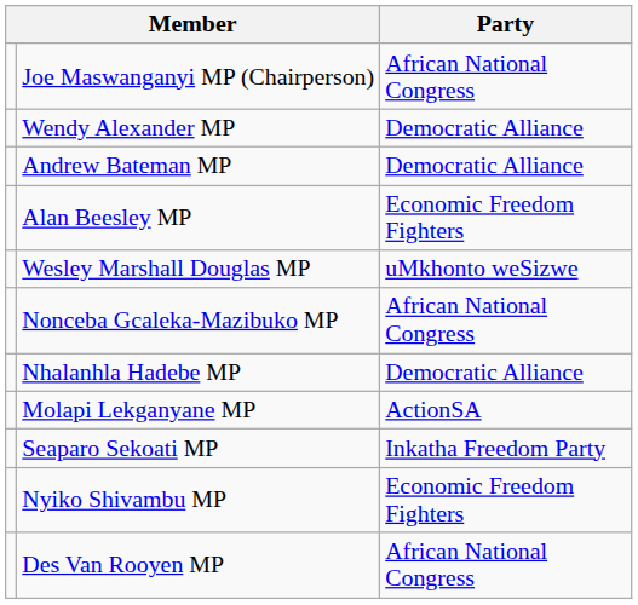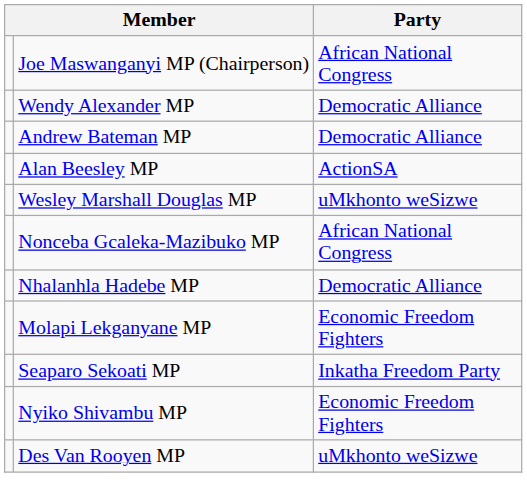 <table class="wikitable">
 <tr>
 <th width="160px" colspan="2" valign="top">Member</th>
 <th width="160px" valign="top">Party</th>
 </tr>
 <tr>
 <td></td>
 <td><a href='#'>Joe Maswanganyi</a> MP (Chairperson)</td>
 <td><a href='#'>African National Congress</a></td>
 </tr>
 <tr>
 <td></td>
 <td><a href='#'>Wendy Alexander</a> MP</td>
 <td><a href='#'>Democratic Alliance</a></td>
 </tr>
 <tr>
 <td></td>
 <td><a href='#'>Andrew Bateman</a> MP</td>
 <td><a href='#'>Democratic Alliance</a></td>
 </tr>
 <tr>
 <td></td>
 <td><a href='#'>Alan Beesley</a> MP</td>
-<td><a href='#'>Economic Freedom Fighters</a></td>
+<td><a href='#'>ActionSA</a></td>
 </tr>
 <tr>
 <td></td>
 <td><a href='#'>Wesley Marshall Douglas</a> MP</td>
 <td><a href='#'>uMkhonto weSizwe</a></td>
 </tr>
 <tr>
 <td></td>
 <td><a href='#'>Nonceba Gcaleka-Mazibuko</a> MP</td>
 <td><a href='#'>African National Congress</a></td>
 </tr>
 <tr>
 <td></td>
 <td><a href='#'>Nhalanhla Hadebe</a> MP</td>
 <td><a href='#'>Democratic Alliance</a></td>
 </tr>
 <tr>
 <td></td>
 <td><a href='#'>Molapi Lekganyane</a> MP</td>
-<td><a href='#'>ActionSA</a></td>
+<td><a href='#'>Economic Freedom Fighters</a></td>
 </tr>
 <tr>
 <td></td>
 <td><a href='#'>Seaparo Sekoati</a> MP</td>
 <td><a href='#'>Inkatha Freedom Party</a></td>
 </tr>
 <tr>
 <td></td>
 <td><a href='#'>Nyiko Shivambu</a> MP</td>
 <td><a href='#'>Economic Freedom Fighters</a></td>
 </tr>
 <tr>
 <td></td>
 <td><a href='#'>Des Van Rooyen</a> MP</td>
-<td><a href='#'>African National Congress</a></td>
+<td><a href='#'>uMkhonto weSizwe</a></td>
 </tr>
 </table>
